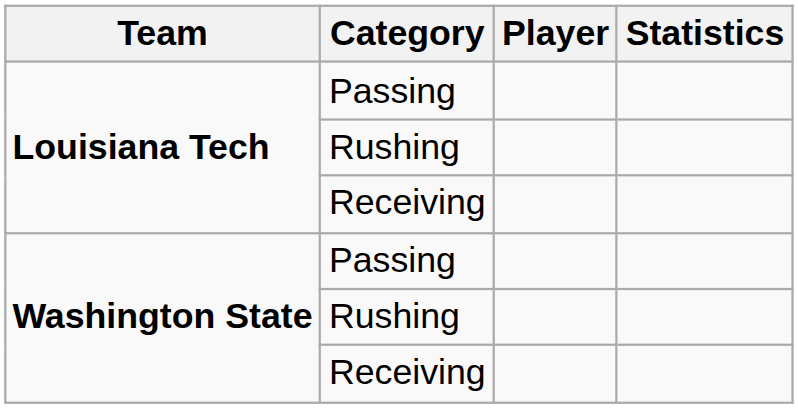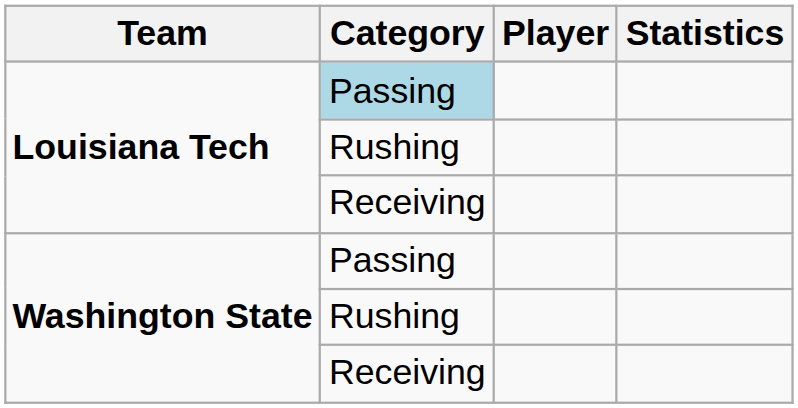 <table class="wikitable" style="float: right;">
 <tr>
 <th>Team</th>
 <th>Category</th>
 <th>Player</th>
 <th>Statistics</th>
 </tr>
 <tr>
 <td rowspan=3><strong>Louisiana Tech</strong></td>
-<td>Passing</td>
+<td style="background: lightblue;">Passing</td>
 <td></td>
 <td></td>
 </tr>
 <tr>
 <td>Rushing</td>
 <td></td>
 <td></td>
 </tr>
 <tr>
 <td>Receiving</td>
 <td></td>
 <td></td>
 </tr>
 <tr>
 <td rowspan=3><strong>Washington State</strong></td>
 <td>Passing</td>
 <td></td>
 <td></td>
 </tr>
 <tr>
 <td>Rushing</td>
 <td></td>
 <td></td>
 </tr>
 <tr>
 <td>Receiving</td>
 <td></td>
 <td></td>
 </tr>
 </table>
